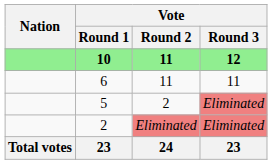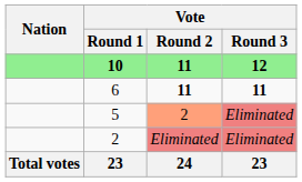 <table class="wikitable" style="margin:0 auto;text-align:center">
 <tr>
 <th rowspan="2">Nation</th>
 <th colspan="3">Vote</th>
 </tr>
 <tr>
 <th>Round 1</th>
 <th>Round 2</th>
 <th>Round 3</th>
 </tr>
 <tr style="background:#90ee90">
 <td align=left><strong></strong></td>
 <td><strong>10</strong></td>
 <td><strong>11</strong></td>
 <td><strong>12</strong></td>
 </tr>
 <tr>
 <td align=left></td>
 <td>6</td>
-<td>11</td>
-<td>11</td>
+<td><strong>11</strong></td>
+<td><strong>11</strong></td>
 </tr>
 <tr>
 <td align=left></td>
 <td>5</td>
-<td>2</td>
+<td style="background: lightsalmon;">2</td>
 <td style="background:#f08080"><em>Eliminated</em></td>
 </tr>
 <tr>
 <td align=left></td>
 <td>2</td>
 <td style="background:#f08080"><em>Eliminated</em></td>
 <td style="background:#f08080"><em>Eliminated</em></td>
 </tr>
 <tr>
 <th align=left>Total votes</th>
 <th>23</th>
 <th>24</th>
 <th>23</th>
 </tr>
 </table>
